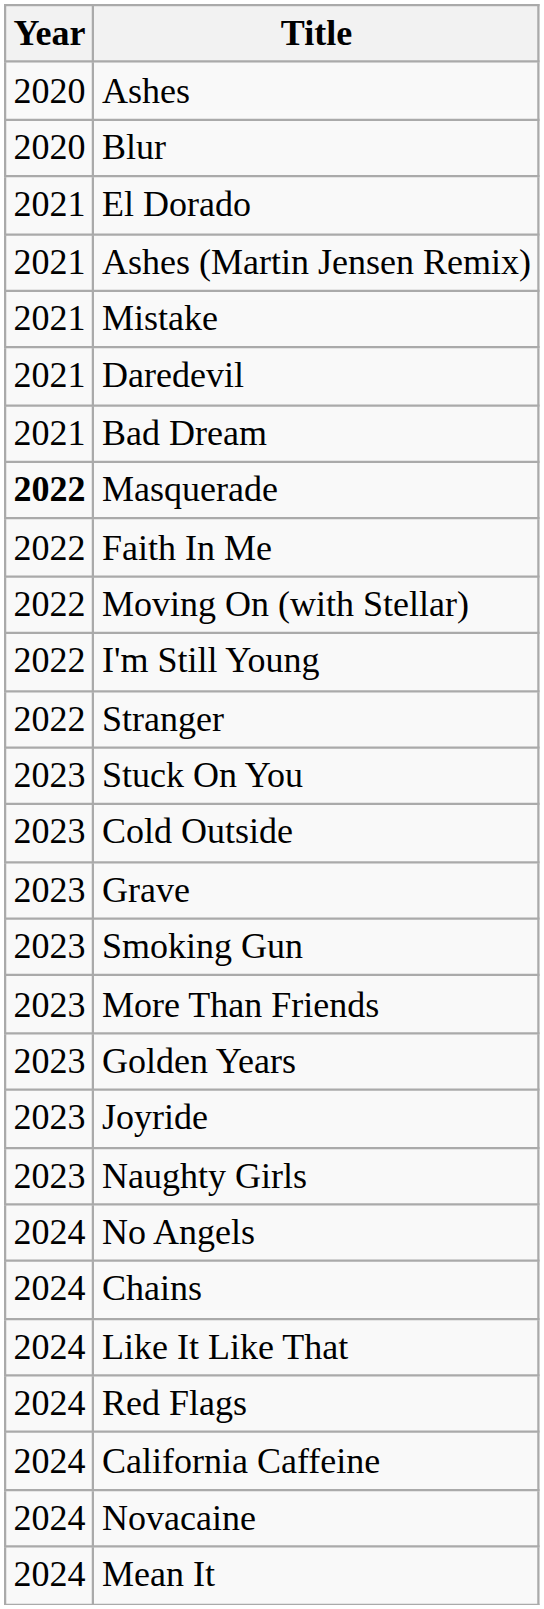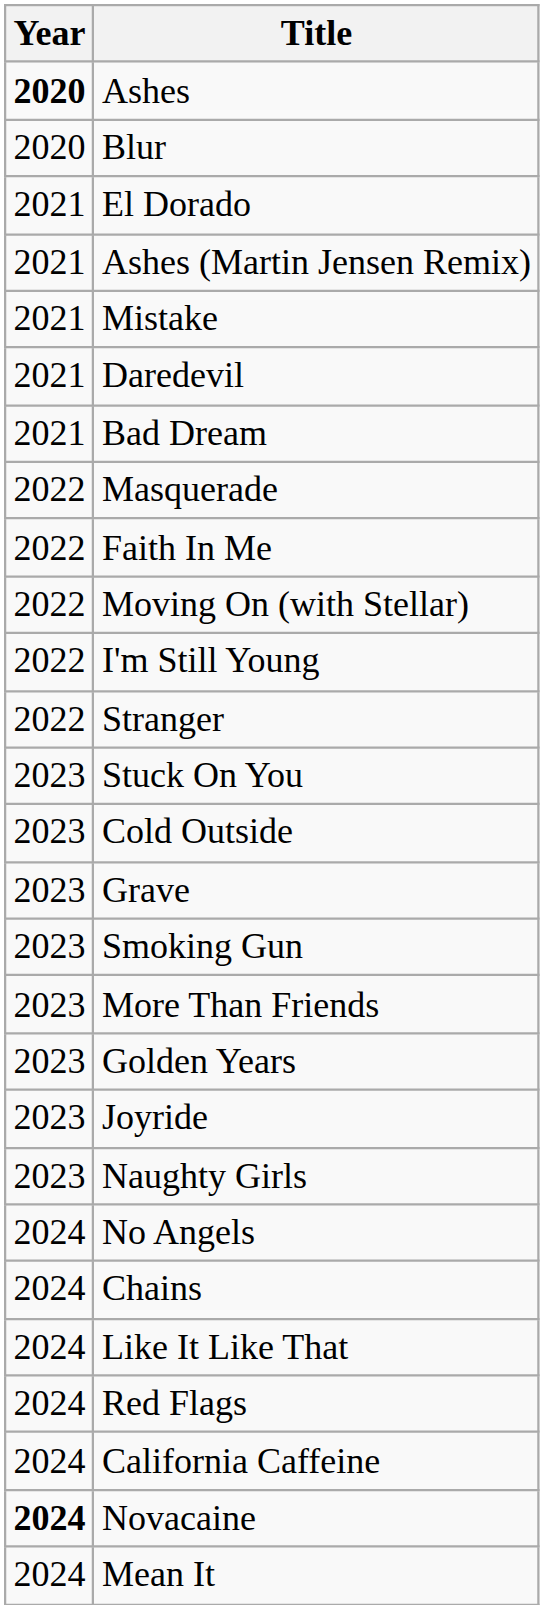 <table class="wikitable">
 <tr>
 <th>Year</th>
 <th>Title</th>
 </tr>
 <tr>
-<td>2020</td>
+<td><strong>2020</strong></td>
 <td>Ashes</td>
 </tr>
 <tr>
 <td>2020</td>
 <td>Blur</td>
 </tr>
 <tr>
 <td>2021</td>
 <td>El Dorado</td>
 </tr>
 <tr>
 <td>2021</td>
 <td>Ashes (Martin Jensen Remix)</td>
 </tr>
 <tr>
 <td>2021</td>
 <td>Mistake</td>
 </tr>
 <tr>
 <td>2021</td>
 <td>Daredevil</td>
 </tr>
 <tr>
 <td>2021</td>
 <td>Bad Dream</td>
 </tr>
 <tr>
-<td><strong>2022</strong></td>
+<td>2022</td>
 <td>Masquerade</td>
 </tr>
 <tr>
 <td>2022</td>
 <td>Faith In Me</td>
 </tr>
 <tr>
 <td>2022</td>
 <td>Moving On (with Stellar)</td>
 </tr>
 <tr>
 <td>2022</td>
 <td>I'm Still Young</td>
 </tr>
 <tr>
 <td>2022</td>
 <td>Stranger</td>
 </tr>
 <tr>
 <td>2023</td>
 <td>Stuck On You</td>
 </tr>
 <tr>
 <td>2023</td>
 <td>Cold Outside</td>
 </tr>
 <tr>
 <td>2023</td>
 <td>Grave</td>
 </tr>
 <tr>
 <td>2023</td>
 <td>Smoking Gun</td>
 </tr>
 <tr>
 <td>2023</td>
 <td>More Than Friends</td>
 </tr>
 <tr>
 <td>2023</td>
 <td>Golden Years</td>
 </tr>
 <tr>
 <td>2023</td>
 <td>Joyride</td>
 </tr>
 <tr>
 <td>2023</td>
 <td>Naughty Girls</td>
 </tr>
 <tr>
 <td>2024</td>
 <td>No Angels</td>
 </tr>
 <tr>
 <td>2024</td>
 <td>Chains</td>
 </tr>
 <tr>
 <td>2024</td>
 <td>Like It Like That</td>
 </tr>
 <tr>
 <td>2024</td>
 <td>Red Flags</td>
 </tr>
 <tr>
 <td>2024</td>
 <td>California Caffeine</td>
 </tr>
 <tr>
-<td>2024</td>
+<td><strong>2024</strong></td>
 <td>Novacaine</td>
 </tr>
 <tr>
 <td>2024</td>
 <td>Mean It</td>
 </tr>
 </table>
